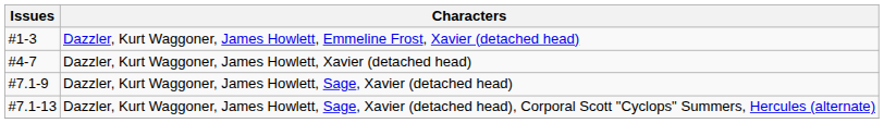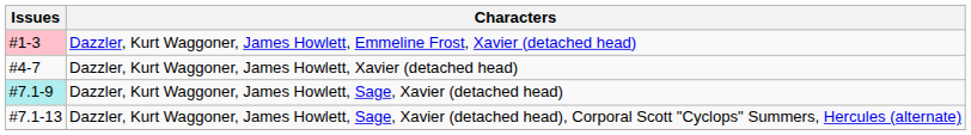 <table class="wikitable">
 <tr>
 <th>Issues</th>
 <th>Characters</th>
 </tr>
 <tr>
-<td>#1-3</td>
+<td style="background: pink;">#1-3</td>
 <td><a href='#'>Dazzler</a>, Kurt Waggoner, <a href='#'>James Howlett</a>, <a href='#'>Emmeline Frost</a>, <a href='#'>Xavier (detached head)</a></td>
 </tr>
 <tr>
 <td>#4-7</td>
 <td>Dazzler, Kurt Waggoner, James Howlett, Xavier (detached head)</td>
 </tr>
 <tr>
-<td>#7.1-9</td>
+<td style="background: paleturquoise;">#7.1-9</td>
 <td>Dazzler, Kurt Waggoner, James Howlett, <a href='#'>Sage</a>, Xavier (detached head)</td>
 </tr>
 <tr>
 <td>#7.1-13</td>
 <td>Dazzler, Kurt Waggoner, James Howlett, <a href='#'>Sage</a>, Xavier (detached head), Corporal Scott "Cyclops" Summers, <a href='#'>Hercules (alternate)</a></td>
 </tr>
 <tr>
 </tr>
 </table>
